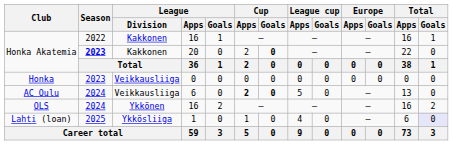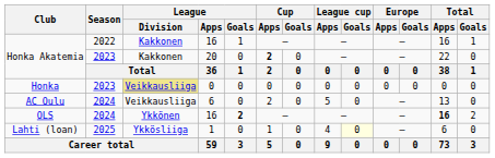 <table class="wikitable" style="text-align:center">
 <tr>
 <th rowspan="2">Club</th>
 <th rowspan="2">Season</th>
 <th colspan="3">League</th>
 <th colspan="2">Cup</th>
 <th colspan="2">League cup</th>
 <th colspan="2">Europe</th>
 <th colspan="2">Total</th>
 </tr>
 <tr>
 <th>Division</th>
 <th>Apps</th>
 <th>Goals</th>
 <th>Apps</th>
 <th>Goals</th>
 <th>Apps</th>
 <th>Goals</th>
 <th>Apps</th>
 <th>Goals</th>
 <th>Apps</th>
 <th>Goals</th>
 </tr>
 <tr>
 <td rowspan="3">Honka Akatemia</td>
 <td>2022</td>
 <td><a href='#'>Kakkonen</a></td>
 <td>16</td>
 <td>1</td>
 <td colspan=2>–</td>
 <td colspan=2>–</td>
 <td colspan=2>–</td>
 <td>16</td>
 <td>1</td>
 </tr>
 <tr>
-<td><strong><a href='#'>2023</a></strong></td>
+<td><a href='#'>2023</a></td>
 <td>Kakkonen</td>
 <td>20</td>
 <td>0</td>
-<td>2</td>
-<td><strong>0</strong></td>
+<td><strong>2</strong></td>
+<td>0</td>
 <td colspan=2>–</td>
 <td colspan=2>–</td>
 <td>22</td>
 <td>0</td>
 </tr>
 <tr>
 <th colspan=2>Total</th>
 <th>36</th>
 <th>1</th>
 <th>2</th>
 <th>0</th>
 <th>0</th>
 <th>0</th>
 <th>0</th>
 <th>0</th>
 <th>38</th>
 <th>1</th>
 </tr>
 <tr>
 <td><a href='#'>Honka</a></td>
 <td><a href='#'>2023</a></td>
-<td><a href='#'>Veikkausliiga</a></td>
+<td style="background: khaki;"><a href='#'>Veikkausliiga</a></td>
 <td>0</td>
 <td>0</td>
 <td>0</td>
 <td>0</td>
 <td>0</td>
 <td>0</td>
 <td>0</td>
 <td>0</td>
 <td>0</td>
 <td>0</td>
 </tr>
 <tr>
 <td><a href='#'>AC Oulu</a></td>
 <td><a href='#'>2024</a></td>
 <td>Veikkausliiga</td>
 <td>6</td>
 <td>0</td>
-<td><strong>2</strong></td>
-<td><strong>0</strong></td>
+<td>2</td>
+<td>0</td>
 <td>5</td>
 <td>0</td>
 <td colspan=2>–</td>
 <td>13</td>
 <td>0</td>
 </tr>
 <tr>
 <td><a href='#'>OLS</a></td>
 <td><a href='#'>2024</a></td>
 <td><a href='#'>Ykkönen</a></td>
 <td>16</td>
-<td>2</td>
+<td><strong>2</strong></td>
 <td colspan=2>–</td>
 <td colspan=2>–</td>
 <td colspan=2>–</td>
-<td>16</td>
+<td><strong>16</strong></td>
 <td>2</td>
 </tr>
 <tr>
 <td><a href='#'>Lahti</a> (loan)</td>
 <td><a href='#'>2025</a></td>
 <td><a href='#'>Ykkösliiga</a></td>
 <td>1</td>
 <td>0</td>
 <td>1</td>
 <td>0</td>
 <td>4</td>
-<td>0</td>
+<td style="background: lightyellow;">0</td>
 <td colspan=2>–</td>
 <td>6</td>
-<td style="background: lavender;">0</td>
+<td>0</td>
 </tr>
 <tr>
 <th colspan="3">Career total</th>
 <th>59</th>
 <th>3</th>
 <th>5</th>
 <th>0</th>
 <th>9</th>
 <th>0</th>
 <th>0</th>
 <th>0</th>
 <th>73</th>
 <th>3</th>
 </tr>
 </table>
